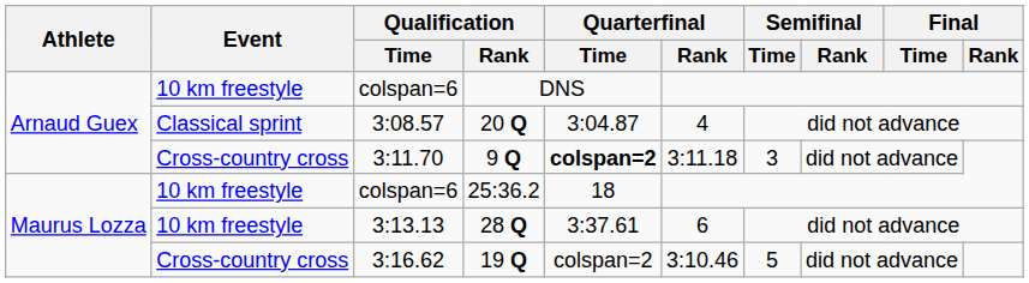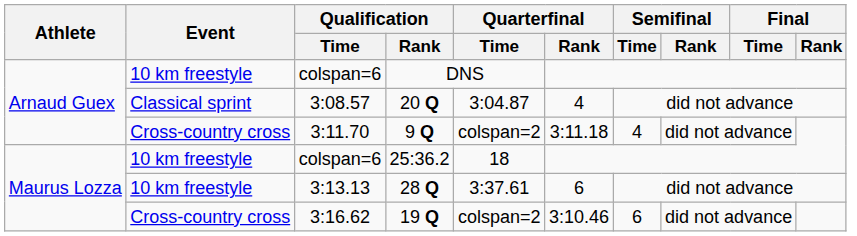 <table class="wikitable" style="font-size:90%">
 <tr>
 <th rowspan="2">Athlete</th>
 <th rowspan="2">Event</th>
 <th colspan="2">Qualification</th>
 <th colspan="2">Quarterfinal</th>
 <th colspan="2">Semifinal</th>
 <th colspan="2">Final</th>
 </tr>
 <tr style="font-size:95%">
 <th>Time</th>
 <th>Rank</th>
 <th>Time</th>
 <th>Rank</th>
 <th>Time</th>
 <th>Rank</th>
 <th>Time</th>
 <th>Rank</th>
 </tr>
 <tr align=center>
 <td align=left rowspan=3><a href='#'>Arnaud Guex</a></td>
 <td align=left><a href='#'>10 km freestyle</a></td>
 <td>colspan=6 </td>
 <td colspan=2>DNS</td>
 </tr>
 <tr align=center>
 <td align=left><a href='#'>Classical sprint</a></td>
 <td>3:08.57</td>
 <td>20 <strong>Q</strong></td>
 <td>3:04.87</td>
 <td>4</td>
 <td colspan=4>did not advance</td>
 </tr>
 <tr align=center>
 <td align=left><a href='#'>Cross-country cross</a></td>
 <td>3:11.70</td>
 <td>9 <strong>Q</strong></td>
-<td><strong>colspan=2 </strong></td>
+<td>colspan=2 </td>
 <td>3:11.18</td>
-<td>3</td>
+<td>4</td>
 <td colspan=2>did not advance</td>
 </tr>
 <tr align=center>
 <td align=left rowspan=3><a href='#'>Maurus Lozza</a></td>
 <td align=left><a href='#'>10 km freestyle</a></td>
 <td>colspan=6 </td>
 <td>25:36.2</td>
 <td>18</td>
 </tr>
 <tr align=center>
 <td align=left><a href='#'>10 km freestyle</a></td>
 <td>3:13.13</td>
 <td>28 <strong>Q</strong></td>
 <td>3:37.61</td>
 <td>6</td>
 <td colspan=4>did not advance</td>
 </tr>
 <tr align=center>
 <td align=left><a href='#'>Cross-country cross</a></td>
 <td>3:16.62</td>
 <td>19 <strong>Q</strong></td>
 <td>colspan=2 </td>
 <td>3:10.46</td>
-<td>5</td>
+<td>6</td>
 <td colspan=2>did not advance</td>
 </tr>
 </table>
